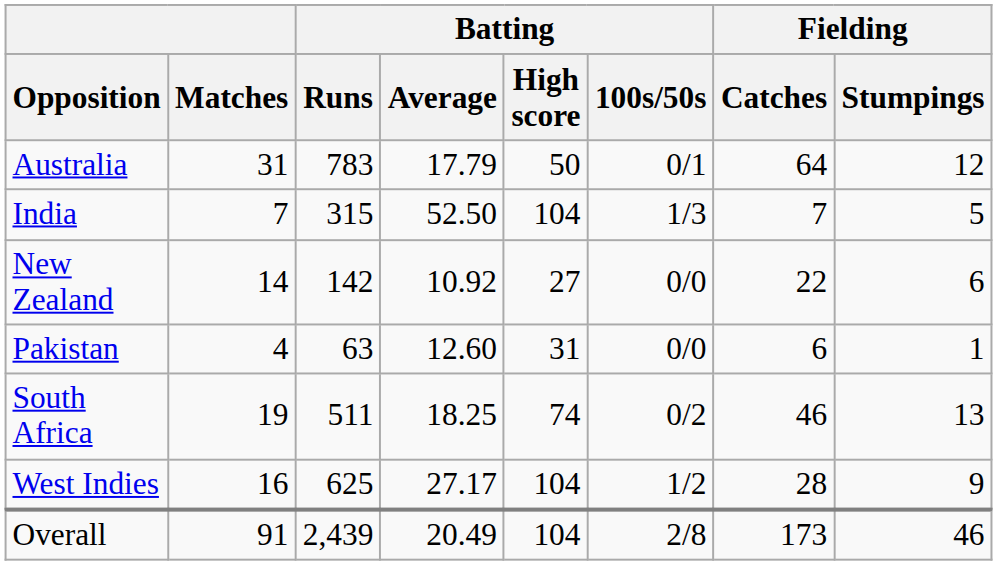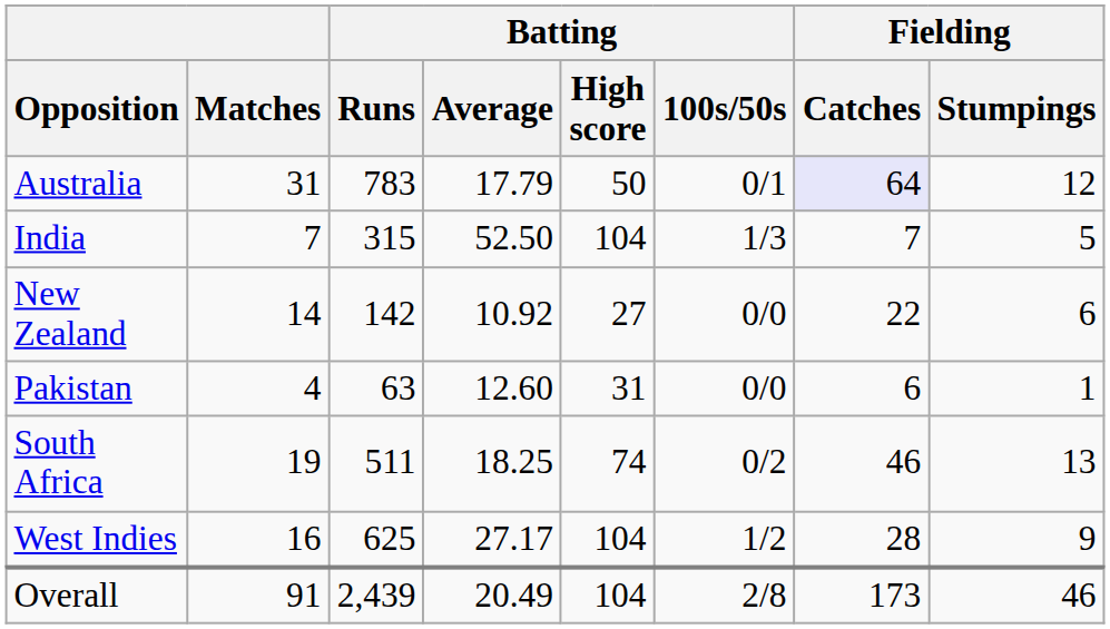 <table width="60%" class="wikitable" style="margin:1em auto 1em auto; text-align:right;">
 <tr>
 <th colspan="2"></th>
 <th colspan="4">Batting</th>
 <th colspan="2">Fielding</th>
 </tr>
 <tr>
 <th style="text-align:left;">Opposition</th>
 <th>Matches</th>
 <th>Runs</th>
 <th>Average</th>
 <th>High score</th>
 <th>100s/50s</th>
 <th>Catches</th>
 <th>Stumpings</th>
 </tr>
 <tr>
 <td style="text-align:left;"><a href='#'>Australia</a></td>
 <td>31</td>
 <td>783</td>
 <td>17.79</td>
 <td>50</td>
 <td>0/1</td>
-<td>64</td>
+<td style="background: lavender;">64</td>
 <td>12</td>
 </tr>
 <tr>
 <td style="text-align:left;"><a href='#'>India</a></td>
 <td>7</td>
 <td>315</td>
 <td>52.50</td>
 <td>104</td>
 <td>1/3</td>
 <td>7</td>
 <td>5</td>
 </tr>
 <tr>
 <td style="text-align:left;"><a href='#'>New Zealand</a></td>
 <td>14</td>
 <td>142</td>
 <td>10.92</td>
 <td>27</td>
 <td>0/0</td>
 <td>22</td>
 <td>6</td>
 </tr>
 <tr>
 <td style="text-align:left;"><a href='#'>Pakistan</a></td>
 <td>4</td>
 <td>63</td>
 <td>12.60</td>
 <td>31</td>
 <td>0/0</td>
 <td>6</td>
 <td>1</td>
 </tr>
 <tr>
 <td style="text-align:left;"><a href='#'>South Africa</a></td>
 <td>19</td>
 <td>511</td>
 <td>18.25</td>
 <td>74</td>
 <td>0/2</td>
 <td>46</td>
 <td>13</td>
 </tr>
 <tr>
 <td style="text-align:left;"><a href='#'>West Indies</a></td>
 <td>16</td>
 <td>625</td>
 <td>27.17</td>
 <td>104</td>
 <td>1/2</td>
 <td>28</td>
 <td>9</td>
 </tr>
 <tr>
 </tr>
 <tr style="border-top:2px solid grey;">
 <td style="text-align:left;">Overall</td>
 <td>91</td>
 <td>2,439</td>
 <td>20.49</td>
 <td>104</td>
 <td>2/8</td>
 <td>173</td>
 <td>46</td>
 </tr>
 </table>
